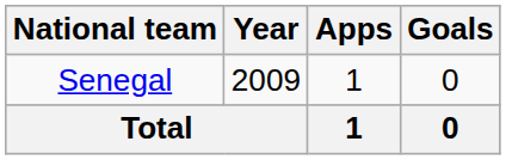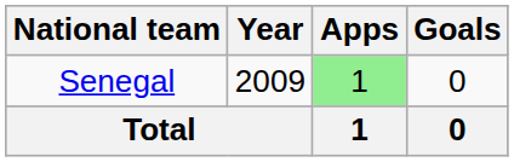 <table class="wikitable" style="text-align:center">
 <tr>
 <th>National team</th>
 <th>Year</th>
 <th>Apps</th>
 <th>Goals</th>
 </tr>
 <tr>
 <td><a href='#'>Senegal</a></td>
 <td>2009</td>
-<td>1</td>
+<td style="background: lightgreen;">1</td>
 <td>0</td>
 </tr>
 <tr>
 <th colspan="2">Total</th>
 <th>1</th>
 <th>0</th>
 </tr>
 </table>
